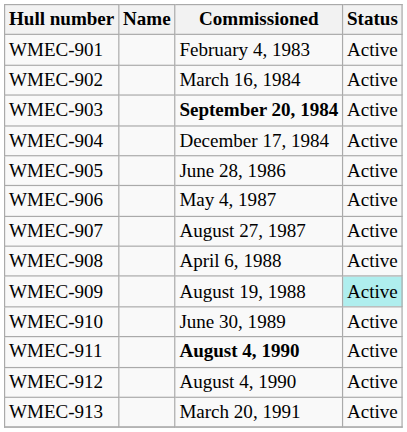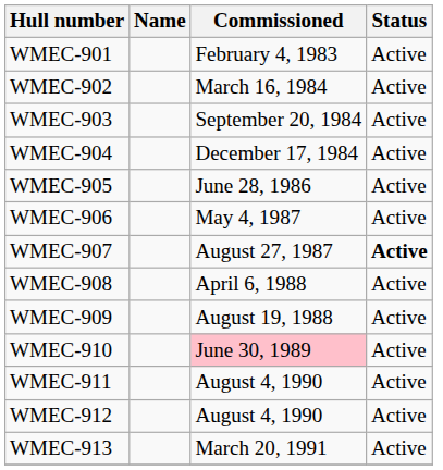 <table class="wikitable">
 <tr>
 <th>Hull number</th>
 <th>Name</th>
 <th>Commissioned</th>
 <th>Status</th>
 </tr>
 <tr>
 <td>WMEC-901</td>
 <td></td>
 <td>February 4, 1983</td>
 <td>Active</td>
 </tr>
 <tr>
 <td>WMEC-902</td>
 <td></td>
 <td>March 16, 1984</td>
 <td>Active</td>
 </tr>
 <tr>
 <td>WMEC-903</td>
 <td></td>
-<td><strong>September 20, 1984</strong></td>
+<td>September 20, 1984</td>
 <td>Active</td>
 </tr>
 <tr>
 <td>WMEC-904</td>
 <td></td>
 <td>December 17, 1984</td>
 <td>Active</td>
 </tr>
 <tr>
 <td>WMEC-905</td>
 <td></td>
 <td>June 28, 1986</td>
 <td>Active</td>
 </tr>
 <tr>
 <td>WMEC-906</td>
 <td></td>
 <td>May 4, 1987</td>
 <td>Active</td>
 </tr>
 <tr>
 <td>WMEC-907</td>
 <td></td>
 <td>August 27, 1987</td>
-<td>Active</td>
+<td><strong>Active</strong></td>
 </tr>
 <tr>
 <td>WMEC-908</td>
 <td></td>
 <td>April 6, 1988</td>
 <td>Active</td>
 </tr>
 <tr>
 <td>WMEC-909</td>
 <td></td>
 <td>August 19, 1988</td>
-<td style="background: paleturquoise;">Active</td>
+<td>Active</td>
 </tr>
 <tr>
 <td>WMEC-910</td>
 <td></td>
-<td>June 30, 1989</td>
+<td style="background: pink;">June 30, 1989</td>
 <td>Active</td>
 </tr>
 <tr>
 <td>WMEC-911</td>
 <td></td>
-<td><strong>August 4, 1990</strong></td>
+<td>August 4, 1990</td>
 <td>Active</td>
 </tr>
 <tr>
 <td>WMEC-912</td>
 <td></td>
 <td>August 4, 1990</td>
 <td>Active</td>
 </tr>
 <tr>
 <td>WMEC-913</td>
 <td></td>
 <td>March 20, 1991</td>
 <td>Active</td>
 </tr>
 <tr>
 </tr>
 </table>
